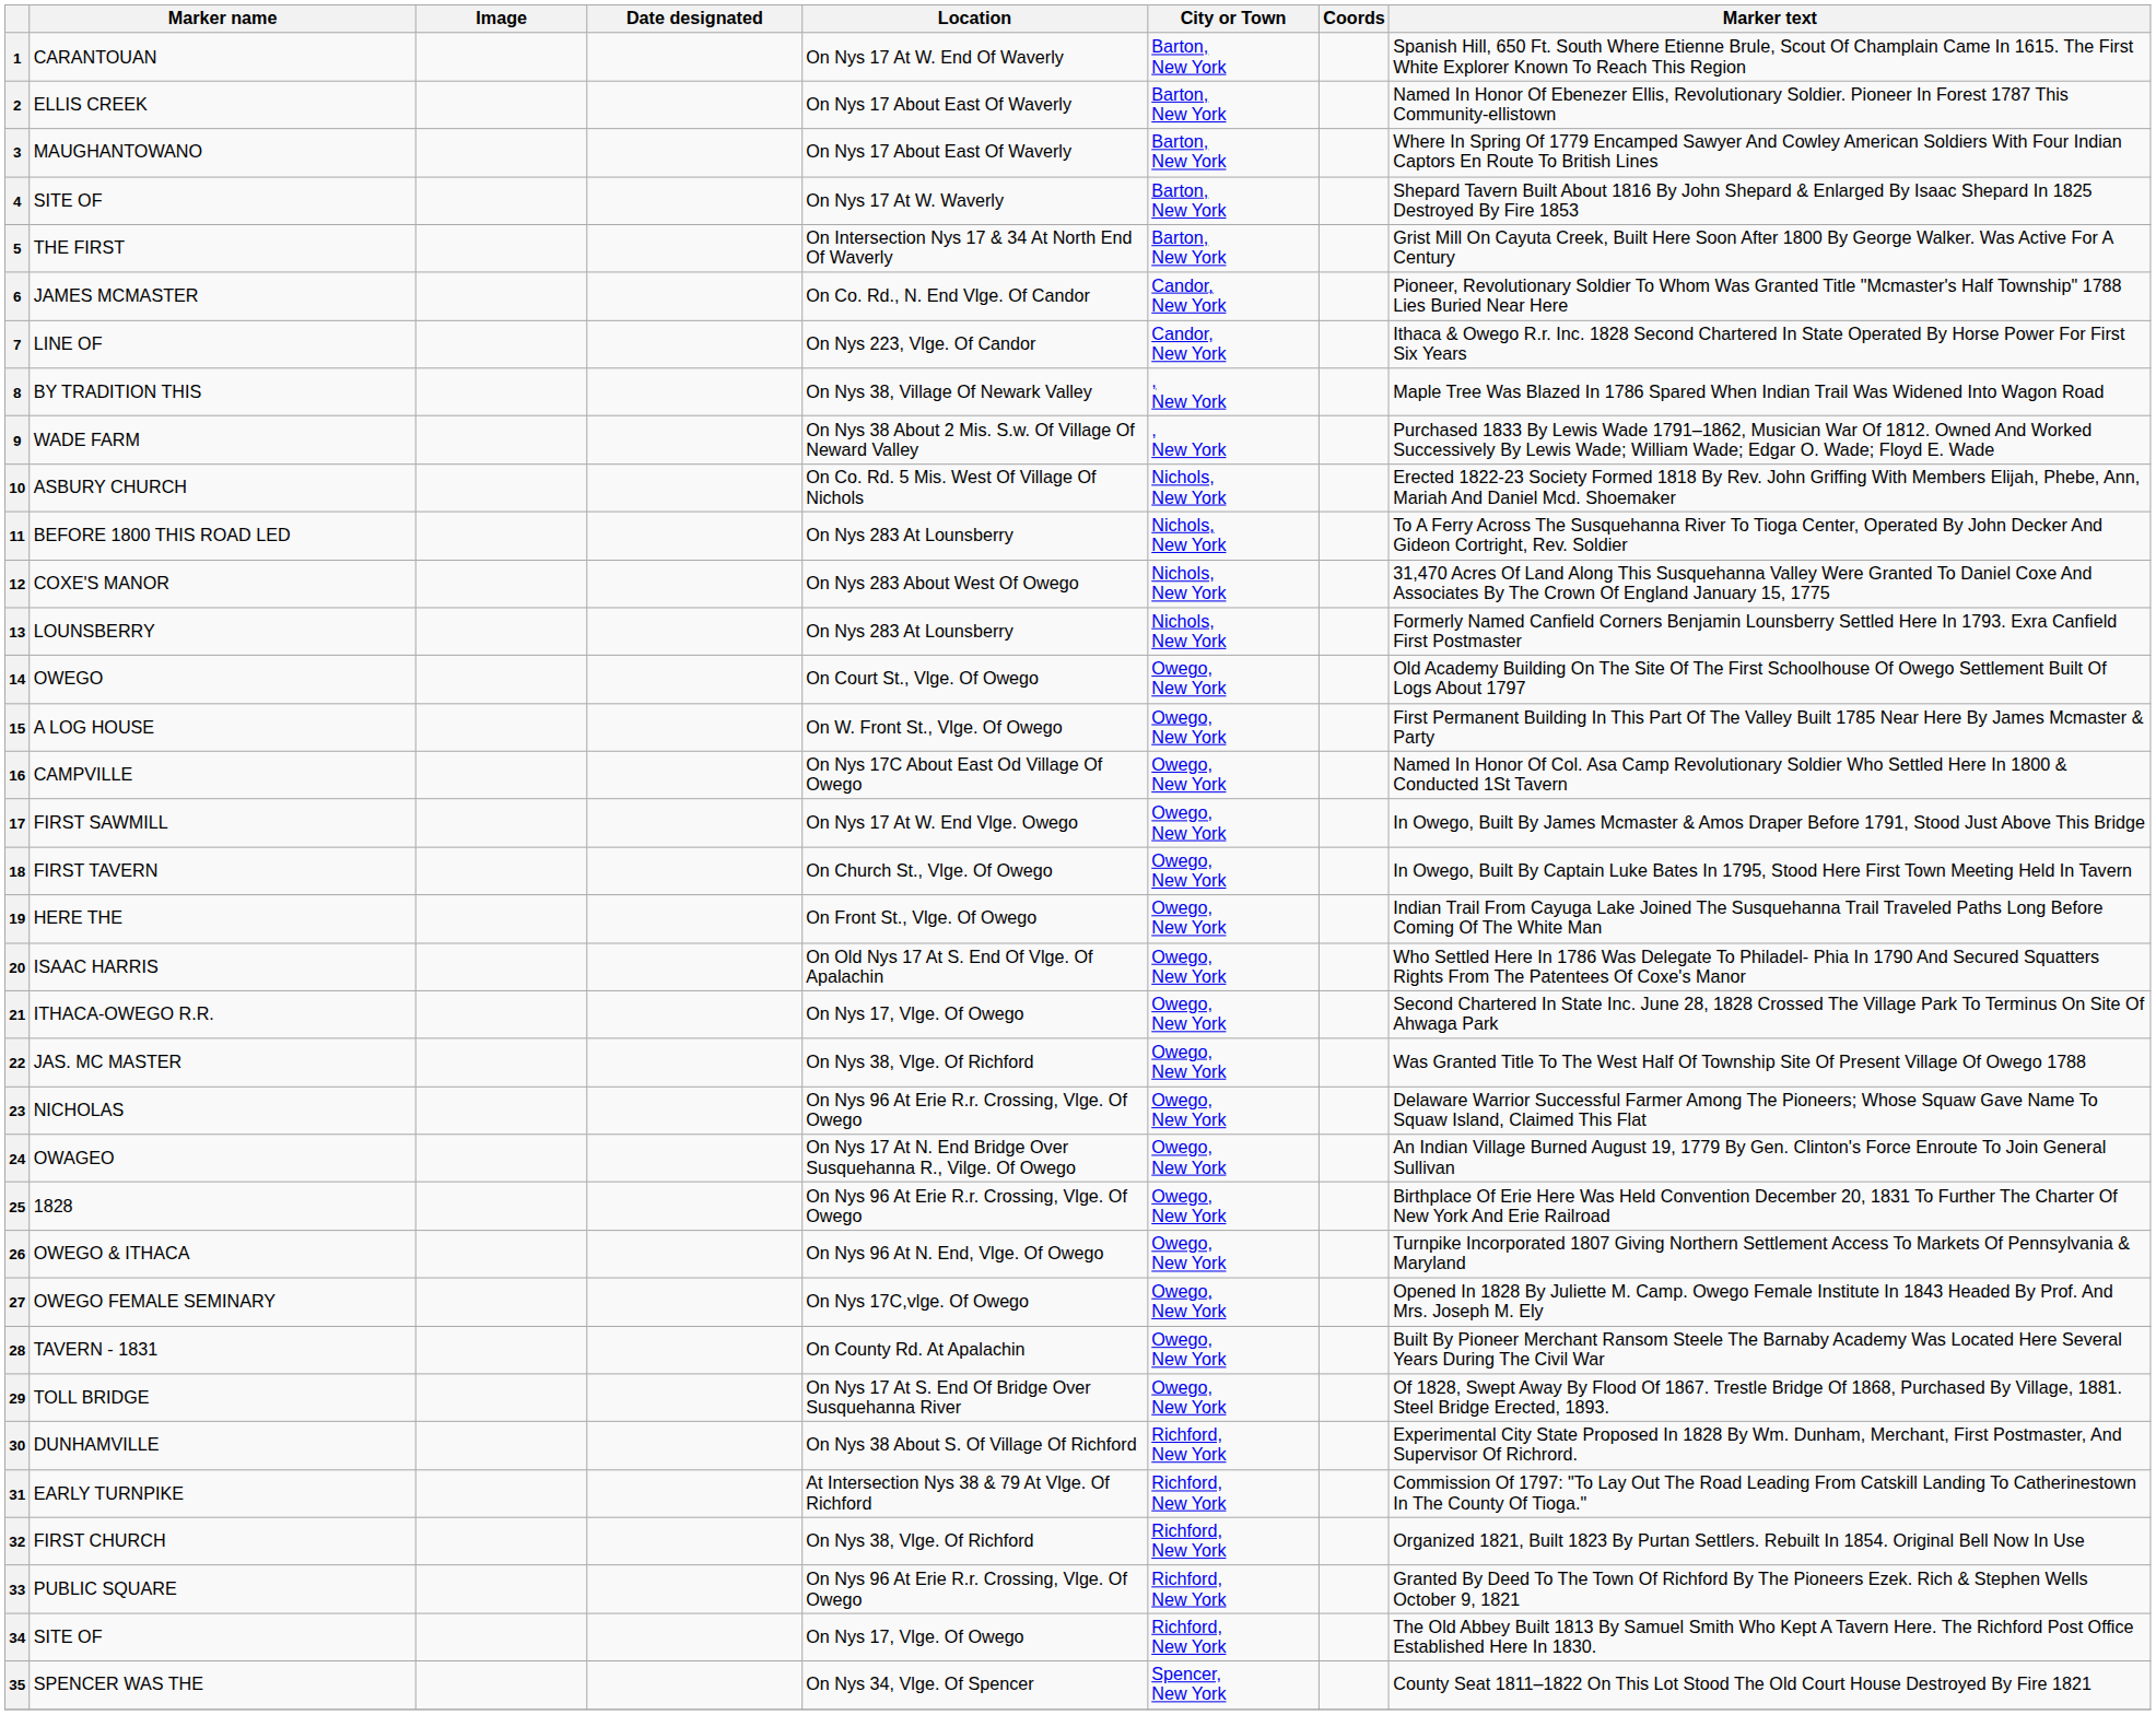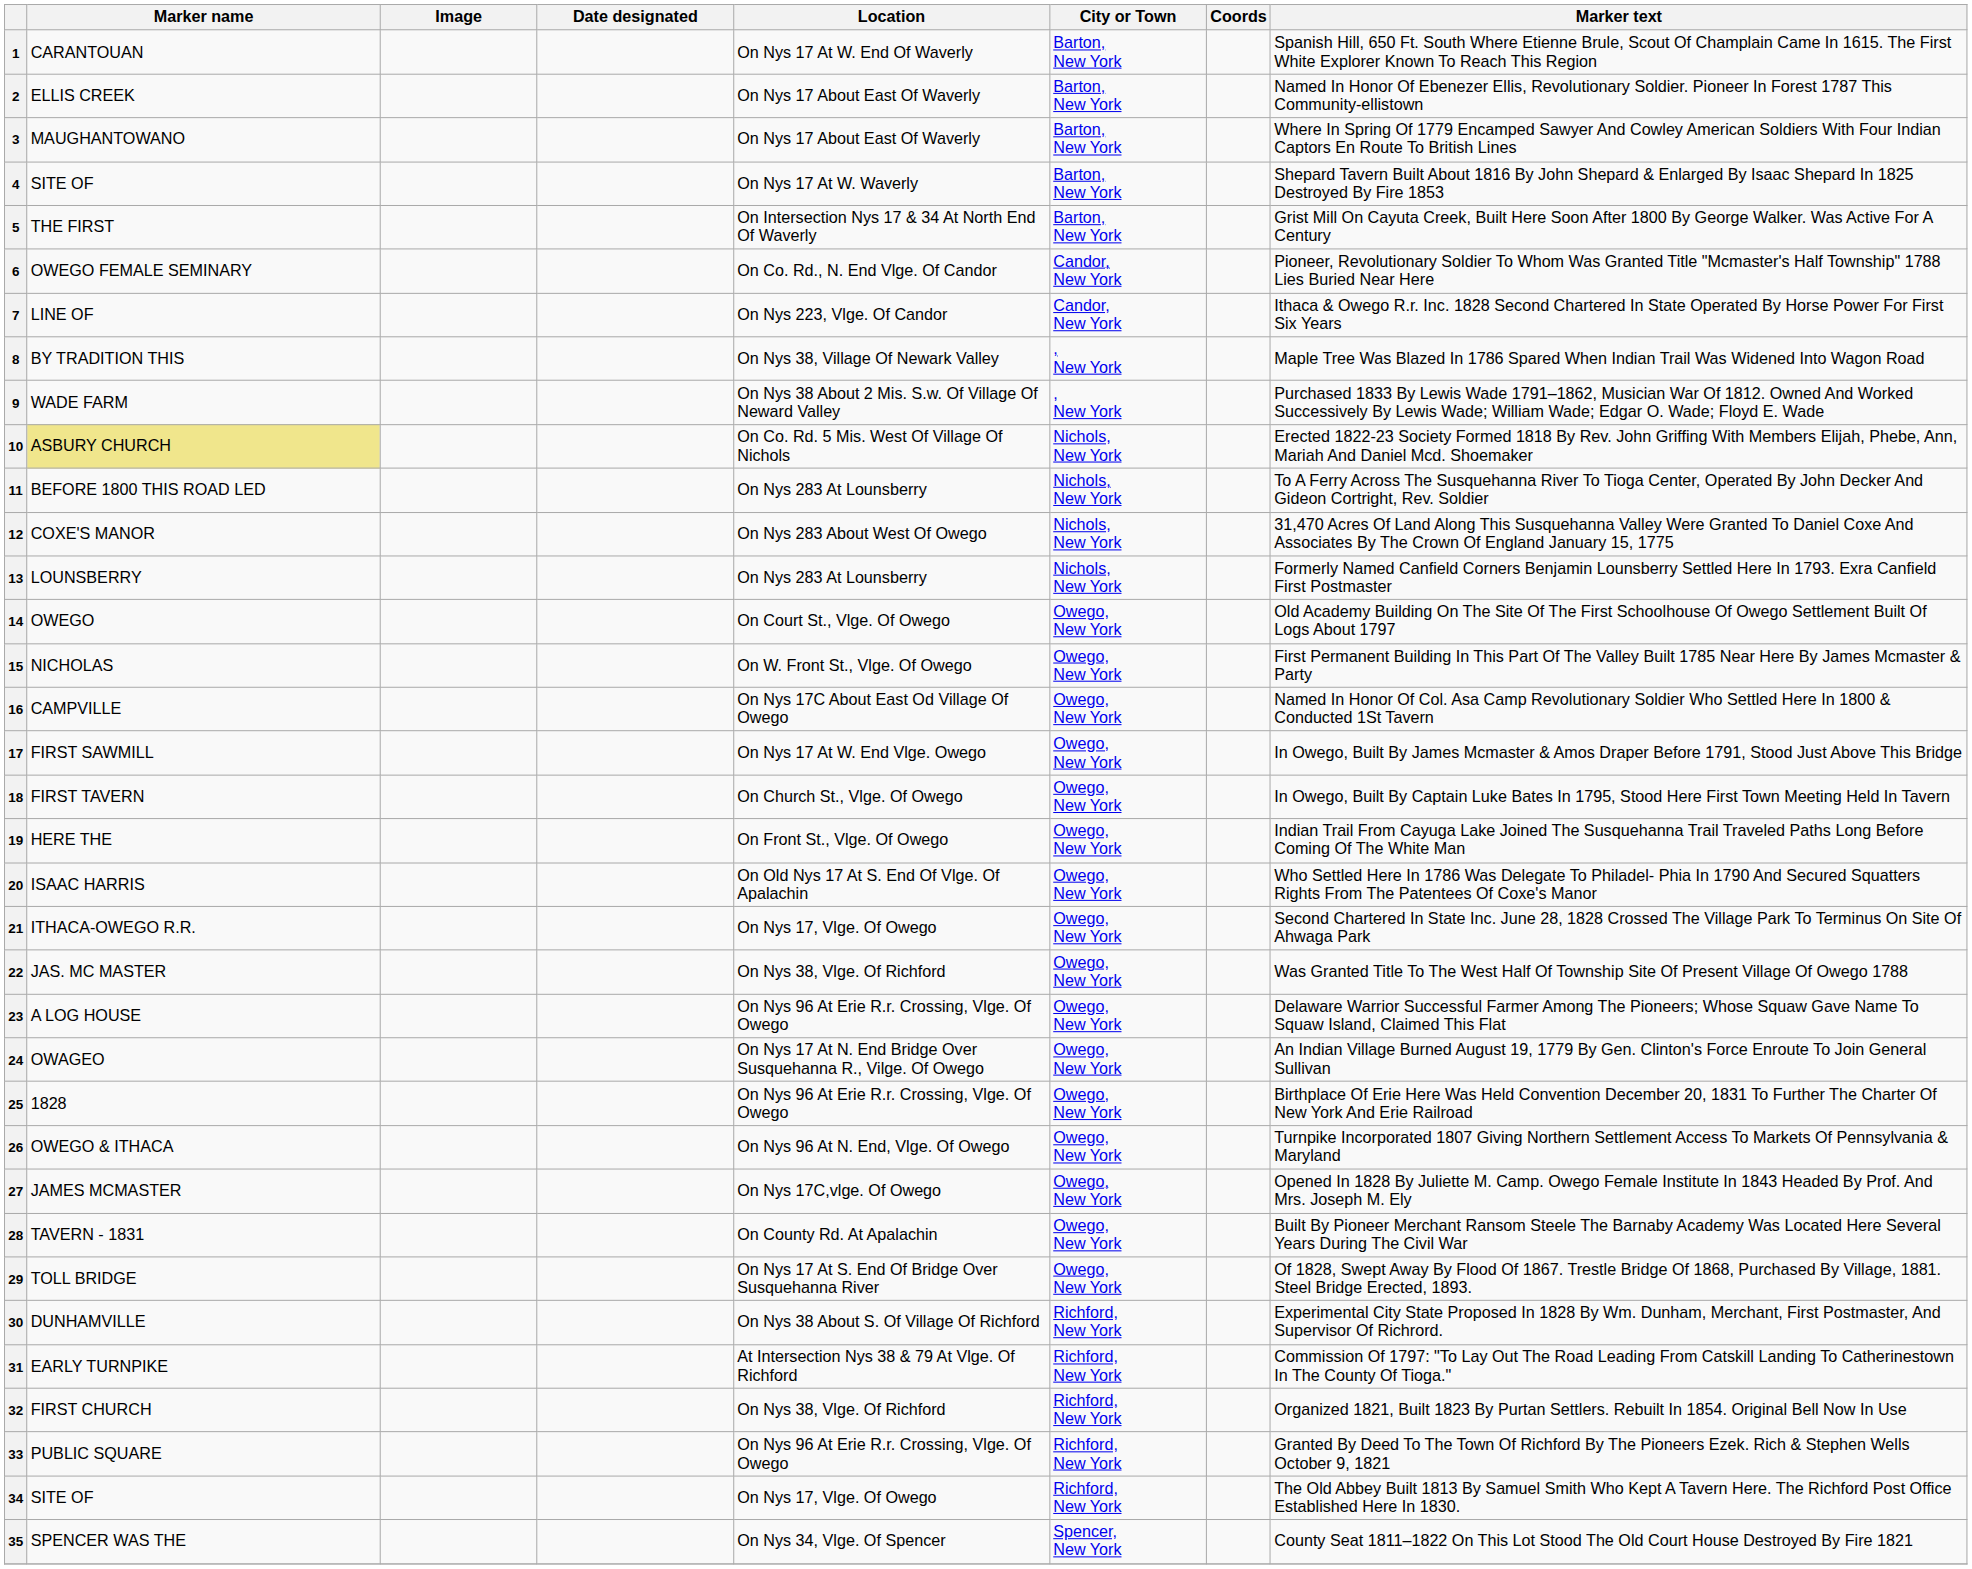 <table class="wikitable sortable" style="width:98%">
 <tr>
 <th></th>
 <th width = 18% ><strong>Marker name</strong></th>
 <th width = 8% class="unsortable" ><strong>Image</strong></th>
 <th width = 10% ><strong>Date designated</strong></th>
 <th><strong>Location</strong></th>
 <th width = 8% ><strong>City or Town</strong></th>
 <th><strong>Coords</strong></th>
 <th class="unsortable" ><strong>Marker text</strong></th>
 </tr>
 <tr ->
 <th><small>1</small></th>
 <td>CARANTOUAN</td>
 <td></td>
 <td></td>
 <td>On Nys 17 At W. End Of Waverly</td>
 <td><a href='#'>Barton,<br>New York</a></td>
 <td></td>
 <td>Spanish Hill, 650 Ft. South Where Etienne Brule, Scout Of Champlain Came In 1615. The First White Explorer Known To Reach This Region</td>
 </tr>
 <tr ->
 <th><small>2</small></th>
 <td>ELLIS CREEK</td>
 <td></td>
 <td></td>
 <td>On Nys 17 About  East Of Waverly</td>
 <td><a href='#'>Barton,<br>New York</a></td>
 <td></td>
 <td>Named In Honor Of Ebenezer Ellis, Revolutionary Soldier. Pioneer In Forest 1787 This Community-ellistown</td>
 </tr>
 <tr ->
 <th><small>3</small></th>
 <td>MAUGHANTOWANO</td>
 <td></td>
 <td></td>
 <td>On Nys 17 About  East Of Waverly</td>
 <td><a href='#'>Barton,<br>New York</a></td>
 <td></td>
 <td>Where In Spring Of 1779 Encamped Sawyer And Cowley American Soldiers With Four Indian Captors En Route To British Lines</td>
 </tr>
 <tr ->
 <th><small>4</small></th>
 <td>SITE OF</td>
 <td></td>
 <td></td>
 <td>On Nys 17 At W. Waverly</td>
 <td><a href='#'>Barton,<br>New York</a></td>
 <td></td>
 <td>Shepard Tavern Built About 1816 By John Shepard & Enlarged By Isaac Shepard In 1825 Destroyed By Fire 1853</td>
 </tr>
 <tr ->
 <th><small>5</small></th>
 <td>THE FIRST</td>
 <td></td>
 <td></td>
 <td>On Intersection Nys 17 & 34 At North End Of Waverly</td>
 <td><a href='#'>Barton,<br>New York</a></td>
 <td></td>
 <td>Grist Mill On Cayuta Creek, Built Here Soon After 1800 By George Walker. Was Active For A Century</td>
 </tr>
 <tr ->
 <th><small>6</small></th>
-<td>JAMES MCMASTER</td>
+<td>OWEGO FEMALE SEMINARY</td>
 <td></td>
 <td></td>
 <td>On Co. Rd., N. End Vlge. Of Candor</td>
 <td><a href='#'>Candor,<br>New York</a></td>
 <td></td>
 <td>Pioneer, Revolutionary Soldier To Whom Was Granted Title "Mcmaster's Half Township" 1788 Lies Buried Near Here</td>
 </tr>
 <tr ->
 <th><small>7</small></th>
 <td>LINE OF</td>
 <td></td>
 <td></td>
 <td>On Nys 223, Vlge. Of Candor</td>
 <td><a href='#'>Candor,<br>New York</a></td>
 <td></td>
 <td>Ithaca & Owego R.r. Inc. 1828 Second Chartered In State Operated By Horse Power For First Six Years</td>
 </tr>
 <tr ->
 <th><small>8</small></th>
 <td>BY TRADITION THIS</td>
 <td></td>
 <td></td>
 <td>On Nys 38, Village Of Newark Valley</td>
 <td><a href='#'>,<br>New York</a></td>
 <td></td>
 <td>Maple Tree Was Blazed In 1786 Spared When Indian Trail Was Widened Into Wagon Road</td>
 </tr>
 <tr ->
 <th><small>9</small></th>
 <td>WADE FARM</td>
 <td></td>
 <td></td>
 <td>On Nys 38 About 2 Mis. S.w. Of Village Of Neward Valley</td>
 <td><a href='#'>,<br>New York</a></td>
 <td></td>
 <td>Purchased 1833 By Lewis Wade 1791–1862, Musician War Of 1812. Owned And Worked Successively By Lewis Wade; William Wade; Edgar O. Wade; Floyd E. Wade</td>
 </tr>
 <tr ->
 <th><small>10</small></th>
-<td>ASBURY CHURCH</td>
+<td style="background: khaki;">ASBURY CHURCH</td>
 <td></td>
 <td></td>
 <td>On Co. Rd. 5 Mis. West Of Village Of Nichols</td>
 <td><a href='#'>Nichols,<br>New York</a></td>
 <td></td>
 <td>Erected 1822-23 Society Formed 1818 By Rev. John Griffing With Members Elijah, Phebe, Ann, Mariah And Daniel Mcd. Shoemaker</td>
 </tr>
 <tr ->
 <th><small>11</small></th>
 <td>BEFORE 1800 THIS ROAD LED</td>
 <td></td>
 <td></td>
 <td>On Nys 283 At Lounsberry</td>
 <td><a href='#'>Nichols,<br>New York</a></td>
 <td></td>
 <td>To A Ferry Across The Susquehanna River To Tioga Center, Operated By John Decker And Gideon Cortright, Rev. Soldier</td>
 </tr>
 <tr ->
 <th><small>12</small></th>
 <td>COXE'S MANOR</td>
 <td></td>
 <td></td>
 <td>On Nys 283 About  West Of Owego</td>
 <td><a href='#'>Nichols,<br>New York</a></td>
 <td></td>
 <td>31,470 Acres Of Land Along This Susquehanna Valley Were Granted To Daniel Coxe And Associates By The Crown Of England January 15, 1775</td>
 </tr>
 <tr ->
 <th><small>13</small></th>
 <td>LOUNSBERRY</td>
 <td></td>
 <td></td>
 <td>On Nys 283 At Lounsberry</td>
 <td><a href='#'>Nichols,<br>New York</a></td>
 <td></td>
 <td>Formerly Named Canfield Corners Benjamin Lounsberry Settled Here In 1793. Exra Canfield First Postmaster</td>
 </tr>
 <tr ->
 <th><small>14</small></th>
 <td>OWEGO</td>
 <td></td>
 <td></td>
 <td>On Court St., Vlge. Of Owego</td>
 <td><a href='#'>Owego,<br>New York</a></td>
 <td></td>
 <td>Old Academy Building On The Site Of The First Schoolhouse Of Owego Settlement Built Of Logs About 1797</td>
 </tr>
 <tr ->
 <th><small>15</small></th>
-<td>A LOG HOUSE</td>
+<td>NICHOLAS</td>
 <td></td>
 <td></td>
 <td>On W. Front St., Vlge. Of Owego</td>
 <td><a href='#'>Owego,<br>New York</a></td>
 <td></td>
 <td>First Permanent Building In This Part Of The Valley Built 1785 Near Here By James Mcmaster & Party</td>
 </tr>
 <tr ->
 <th><small>16</small></th>
 <td>CAMPVILLE</td>
 <td></td>
 <td></td>
 <td>On Nys 17C About  East Od Village Of Owego</td>
 <td><a href='#'>Owego,<br>New York</a></td>
 <td></td>
 <td>Named In Honor Of Col. Asa Camp Revolutionary Soldier Who Settled Here In 1800 & Conducted 1St Tavern</td>
 </tr>
 <tr ->
 <th><small>17</small></th>
 <td>FIRST SAWMILL</td>
 <td></td>
 <td></td>
 <td>On Nys 17 At W. End Vlge. Owego</td>
 <td><a href='#'>Owego,<br>New York</a></td>
 <td></td>
 <td>In Owego, Built By James Mcmaster & Amos Draper Before 1791, Stood Just Above This Bridge</td>
 </tr>
 <tr ->
 <th><small>18</small></th>
 <td>FIRST TAVERN</td>
 <td></td>
 <td></td>
 <td>On Church St., Vlge. Of Owego</td>
 <td><a href='#'>Owego,<br>New York</a></td>
 <td></td>
 <td>In Owego, Built By Captain Luke Bates In 1795, Stood Here First Town Meeting Held In Tavern</td>
 </tr>
 <tr ->
 <th><small>19</small></th>
 <td>HERE THE</td>
 <td></td>
 <td></td>
 <td>On Front St., Vlge. Of Owego</td>
 <td><a href='#'>Owego,<br>New York</a></td>
 <td></td>
 <td>Indian Trail From Cayuga Lake Joined The Susquehanna Trail Traveled Paths Long Before Coming Of The White Man</td>
 </tr>
 <tr ->
 <th><small>20</small></th>
 <td>ISAAC HARRIS</td>
 <td></td>
 <td></td>
 <td>On Old Nys 17 At S. End Of Vlge. Of Apalachin</td>
 <td><a href='#'>Owego,<br>New York</a></td>
 <td></td>
 <td>Who Settled Here In 1786 Was Delegate To Philadel- Phia In 1790 And Secured Squatters Rights From The Patentees Of Coxe's Manor</td>
 </tr>
 <tr ->
 <th><small>21</small></th>
 <td>ITHACA-OWEGO R.R.</td>
 <td></td>
 <td></td>
 <td>On Nys 17, Vlge. Of Owego</td>
 <td><a href='#'>Owego,<br>New York</a></td>
 <td></td>
 <td>Second Chartered In State Inc. June 28, 1828 Crossed The Village Park To Terminus On Site Of Ahwaga Park</td>
 </tr>
 <tr ->
 <th><small>22</small></th>
 <td>JAS. MC MASTER</td>
 <td></td>
 <td></td>
 <td>On Nys 38, Vlge. Of Richford</td>
 <td><a href='#'>Owego,<br>New York</a></td>
 <td></td>
 <td>Was Granted Title To The West Half Of Township Site Of Present Village Of Owego 1788</td>
 </tr>
 <tr ->
 <th><small>23</small></th>
-<td>NICHOLAS</td>
+<td>A LOG HOUSE</td>
 <td></td>
 <td></td>
 <td>On Nys 96 At Erie R.r. Crossing, Vlge. Of Owego</td>
 <td><a href='#'>Owego,<br>New York</a></td>
 <td></td>
 <td>Delaware Warrior Successful Farmer Among The Pioneers; Whose Squaw Gave Name To Squaw Island, Claimed This Flat</td>
 </tr>
 <tr ->
 <th><small>24</small></th>
 <td>OWAGEO</td>
 <td></td>
 <td></td>
 <td>On Nys 17 At N. End Bridge Over Susquehanna R., Vilge. Of Owego</td>
 <td><a href='#'>Owego,<br>New York</a></td>
 <td></td>
 <td>An Indian Village Burned August 19, 1779 By Gen. Clinton's Force Enroute To Join General Sullivan</td>
 </tr>
 <tr ->
 <th><small>25</small></th>
 <td>1828</td>
 <td></td>
 <td></td>
 <td>On Nys 96 At Erie R.r. Crossing, Vlge. Of Owego</td>
 <td><a href='#'>Owego,<br>New York</a></td>
 <td></td>
 <td>Birthplace Of Erie Here Was Held Convention December 20, 1831 To Further The Charter Of New York And Erie Railroad</td>
 </tr>
 <tr ->
 <th><small>26</small></th>
 <td>OWEGO & ITHACA</td>
 <td></td>
 <td></td>
 <td>On Nys 96 At N. End, Vlge. Of Owego</td>
 <td><a href='#'>Owego,<br>New York</a></td>
 <td></td>
 <td>Turnpike Incorporated 1807 Giving Northern Settlement Access To Markets Of Pennsylvania & Maryland</td>
 </tr>
 <tr ->
 <th><small>27</small></th>
-<td>OWEGO FEMALE SEMINARY</td>
+<td>JAMES MCMASTER</td>
 <td></td>
 <td></td>
 <td>On Nys 17C,vlge. Of Owego</td>
 <td><a href='#'>Owego,<br>New York</a></td>
 <td></td>
 <td>Opened In 1828 By Juliette M. Camp. Owego Female Institute In 1843 Headed By Prof. And Mrs. Joseph M. Ely</td>
 </tr>
 <tr ->
 <th><small>28</small></th>
 <td>TAVERN - 1831</td>
 <td></td>
 <td></td>
 <td>On County Rd. At Apalachin</td>
 <td><a href='#'>Owego,<br>New York</a></td>
 <td></td>
 <td>Built By Pioneer Merchant Ransom Steele The Barnaby Academy Was Located Here Several Years During The Civil War</td>
 </tr>
 <tr ->
 <th><small>29</small></th>
 <td>TOLL BRIDGE</td>
 <td></td>
 <td></td>
 <td>On Nys 17 At S. End Of Bridge Over Susquehanna River</td>
 <td><a href='#'>Owego,<br>New York</a></td>
 <td></td>
 <td>Of 1828, Swept Away By Flood Of 1867. Trestle Bridge Of 1868, Purchased By Village, 1881. Steel Bridge Erected, 1893.</td>
 </tr>
 <tr ->
 <th><small>30</small></th>
 <td>DUNHAMVILLE</td>
 <td></td>
 <td></td>
 <td>On Nys 38 About  S. Of Village Of Richford</td>
 <td><a href='#'>Richford,<br>New York</a></td>
 <td></td>
 <td>Experimental City State Proposed In 1828 By Wm. Dunham, Merchant, First Postmaster, And Supervisor Of Richrord.</td>
 </tr>
 <tr ->
 <th><small>31</small></th>
 <td>EARLY TURNPIKE</td>
 <td></td>
 <td></td>
 <td>At Intersection Nys 38 & 79 At Vlge. Of Richford</td>
 <td><a href='#'>Richford,<br>New York</a></td>
 <td></td>
 <td>Commission Of 1797: "To Lay Out The Road Leading From Catskill Landing To Catherinestown In The County Of Tioga."</td>
 </tr>
 <tr ->
 <th><small>32</small></th>
 <td>FIRST CHURCH</td>
 <td></td>
 <td></td>
 <td>On Nys 38, Vlge. Of Richford</td>
 <td><a href='#'>Richford,<br>New York</a></td>
 <td></td>
 <td>Organized 1821, Built 1823 By Purtan Settlers. Rebuilt In 1854. Original Bell Now In Use</td>
 </tr>
 <tr ->
 <th><small>33</small></th>
 <td>PUBLIC SQUARE</td>
 <td></td>
 <td></td>
 <td>On Nys 96 At Erie R.r. Crossing, Vlge. Of Owego</td>
 <td><a href='#'>Richford,<br>New York</a></td>
 <td></td>
 <td>Granted By Deed To The Town Of Richford By The Pioneers Ezek. Rich & Stephen Wells October 9, 1821</td>
 </tr>
 <tr ->
 <th><small>34</small></th>
 <td>SITE OF</td>
 <td></td>
 <td></td>
 <td>On Nys 17, Vlge. Of Owego</td>
 <td><a href='#'>Richford,<br>New York</a></td>
 <td></td>
 <td>The Old Abbey Built 1813 By Samuel Smith Who Kept A Tavern Here. The Richford Post Office Established Here In 1830.</td>
 </tr>
 <tr ->
 <th><small>35</small></th>
 <td>SPENCER WAS THE</td>
 <td></td>
 <td></td>
 <td>On Nys 34, Vlge. Of Spencer</td>
 <td><a href='#'>Spencer,<br>New York</a></td>
 <td></td>
 <td>County Seat 1811–1822 On This Lot Stood The Old Court House Destroyed By Fire 1821</td>
 </tr>
 <tr ->
 </tr>
 </table>
